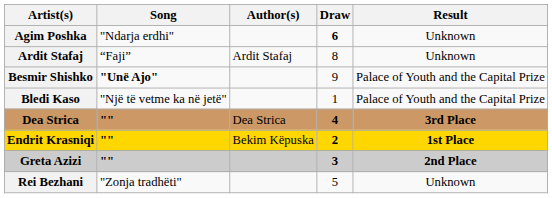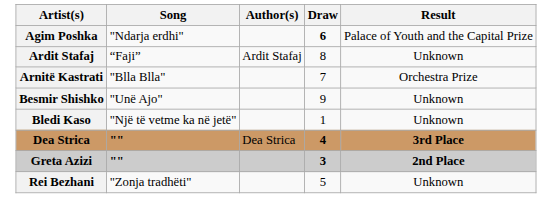 <table class="wikitable sortable plainrowheaders" align="center" style="margin: 1em auto 1em auto; font-size: 90%;">
 <tr>
 <th scope="col">Artist(s)</th>
 <th scope="col">Song</th>
 <th scope="col" class="unsortable">Author(s)</th>
 <th scope="col">Draw</th>
 <th scope="col">Result</th>
 </tr>
 <tr>
 <th>Agim Poshka</th>
 <td>"Ndarja erdhi"</td>
 <td></td>
 <td style="text-align:center"><strong>6</strong></td>
-<td style="text-align:center">Unknown</td>
+<td style="text-align:center">Palace of Youth and the Capital Prize</td>
 </tr>
 <tr>
 <th>Ardit Stafaj</th>
 <td>“Faji”</td>
 <td>Ardit Stafaj</td>
 <td style="text-align:center">8</td>
 <td style="text-align:center">Unknown</td>
 </tr>
 <tr>
+<th>Arnitë Kastrati</th>
+<td>"Blla Blla"</td>
+<td></td>
+<td style="text-align:center">7</td>
+<td style="text-align:center">Orchestra Prize</td>
+</tr>
+<tr>
 <th>Besmir Shishko</th>
-<td><strong>"Unë Ajo"</strong></td>
+<td>"Unë Ajo"</td>
 <td></td>
 <td style="text-align:center">9</td>
-<td style="text-align:center">Palace of Youth and the Capital Prize</td>
+<td style="text-align:center">Unknown</td>
 </tr>
 <tr>
 <th>Bledi Kaso</th>
 <td>"Një të vetme ka në jetë"</td>
 <td></td>
 <td style="text-align:center">1</td>
-<td style="text-align:center">Palace of Youth and the Capital Prize</td>
+<td style="text-align:center">Unknown</td>
 </tr>
 <tr style="background-color:#C96;">
 <th scope="row" style="background-color:#C96;"><strong>Dea Strica</strong></th>
 <td><strong>""</strong></td>
 <td>Dea Strica</td>
 <td style="text-align:center"><strong>4</strong></td>
 <td style="text-align:center"><strong>3rd Place</strong></td>
-</tr>
-<tr style="background-color:#FFD700;">
-<th scope="row" style="background-color:#FFD700;"><strong>Endrit Krasniqi</strong></th>
-<td><strong>""</strong></td>
-<td>Bekim Këpuska</td>
-<td style="text-align:center"><strong>2</strong></td>
-<td style="text-align:center"><strong>1st Place</strong></td>
 </tr>
 <tr style="background-color:#CCC;">
 <th scope="row" style="background-color:#CCC;"><strong>Greta Azizi</strong></th>
 <td><strong>""</strong></td>
 <td></td>
 <td style="text-align:center"><strong>3</strong></td>
 <td style="text-align:center"><strong>2nd Place</strong></td>
 </tr>
 <tr>
 <th>Rei Bezhani</th>
 <td>"Zonja tradhëti"</td>
 <td></td>
 <td style="text-align:center">5</td>
 <td style="text-align:center">Unknown</td>
 </tr>
 </table>
